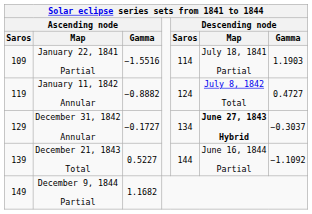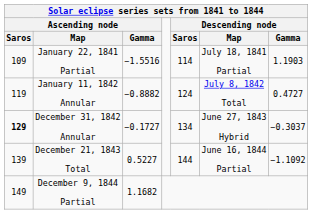 <table class="wikitable mw-collapsible mw-collapsed">
 <tr>
 <th class="nowrap" colspan="7"><a href='#'>Solar eclipse</a> series sets from 1841 to 1844</th>
 </tr>
 <tr>
 <th scope="col" colspan="3">Ascending node</th>
 <td rowspan="6"> </td>
 <th scope="col" colspan="3">Descending node</th>
 </tr>
 <tr style="text-align: center;">
 <th scope="col">Saros</th>
 <th scope="col">Map</th>
 <th scope="col">Gamma</th>
 <th scope="col">Saros</th>
 <th scope="col">Map</th>
 <th scope="col">Gamma</th>
 </tr>
 <tr style="text-align: center;">
 <td>109</td>
 <td>January 22, 1841<br><br>Partial</td>
 <td>−1.5516</td>
 <td>114</td>
 <td>July 18, 1841<br><br>Partial</td>
 <td>1.1903</td>
 </tr>
 <tr style="text-align: center;">
 <td>119</td>
 <td>January 11, 1842<br><br>Annular</td>
 <td>−0.8882</td>
 <td>124</td>
 <td><a href='#'>July 8, 1842</a><br><br>Total</td>
 <td>0.4727</td>
 </tr>
 <tr style="text-align: center;">
-<td>129</td>
+<td><strong>129</strong></td>
 <td>December 31, 1842<br><br>Annular</td>
 <td>−0.1727</td>
 <td>134</td>
-<td><strong>June 27, 1843<br><br>Hybrid</strong></td>
+<td>June 27, 1843<br><br>Hybrid</td>
 <td>−0.3037</td>
 </tr>
 <tr style="text-align: center;">
 <td>139</td>
 <td>December 21, 1843<br><br>Total</td>
 <td>0.5227</td>
 <td>144</td>
 <td>June 16, 1844<br><br>Partial</td>
 <td>−1.1092</td>
 </tr>
 <tr style="text-align: center;">
 <td>149</td>
 <td>December 9, 1844<br><br>Partial</td>
 <td>1.1682</td>
 </tr>
 </table>
